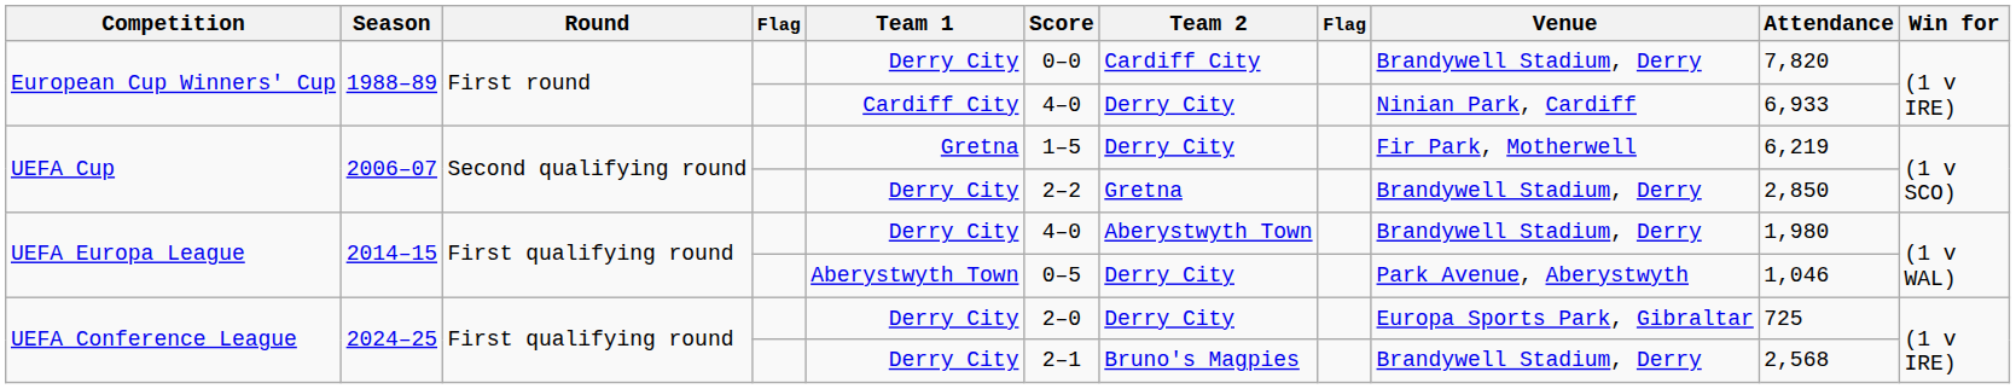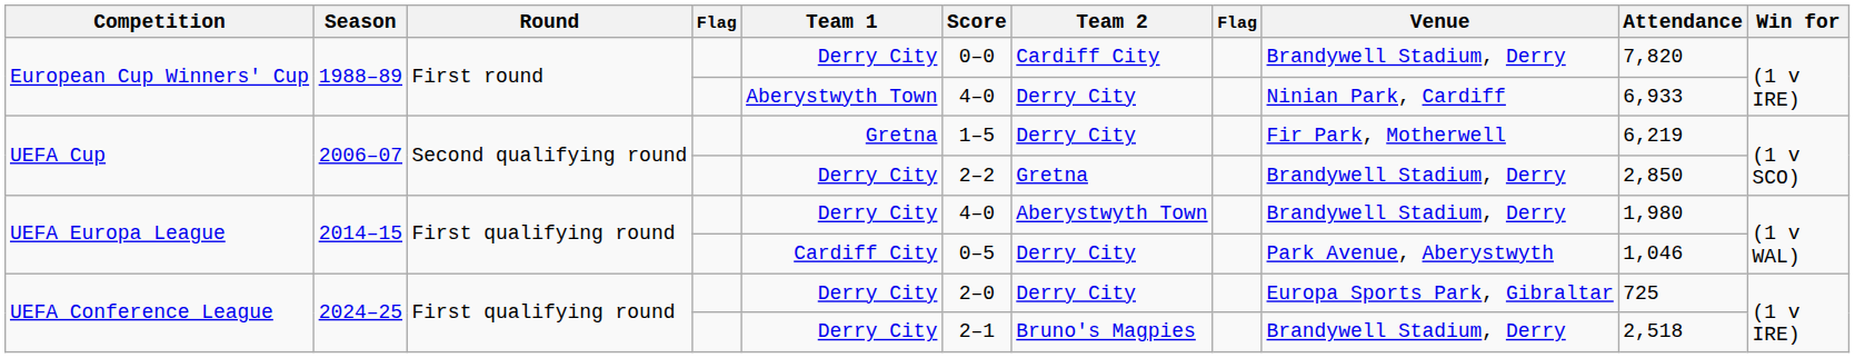 <table class="wikitable sortable">
 <tr>
 <th>Competition</th>
 <th>Season</th>
 <th>Round</th>
 <th align=center><small>Flag</small></th>
 <th>Team 1</th>
 <th>Score</th>
 <th>Team 2</th>
 <th align=center><small>Flag</small></th>
 <th>Venue</th>
 <th>Attendance</th>
 <th width=60>Win for</th>
 </tr>
 <tr>
 <td rowspan=2><a href='#'>European Cup Winners' Cup</a></td>
 <td rowspan=2><a href='#'>1988–89</a></td>
 <td rowspan=2>First round</td>
 <td align=center></td>
 <td align=right><a href='#'>Derry City</a></td>
 <td style="text-align:center;">0–0</td>
 <td><a href='#'>Cardiff City</a></td>
 <td align=center></td>
 <td><a href='#'>Brandywell Stadium</a>, <a href='#'>Derry</a></td>
 <td align=left>7,820</td>
 <td rowspan=2><br>(1 v IRE)</td>
 </tr>
 <tr>
 <td align=center></td>
-<td align=right><a href='#'>Cardiff City</a></td>
+<td align=right><a href='#'>Aberystwyth Town</a></td>
 <td style="text-align:center;">4–0</td>
 <td><a href='#'>Derry City</a></td>
 <td align=center></td>
 <td><a href='#'>Ninian Park</a>, <a href='#'>Cardiff</a></td>
 <td align=left>6,933</td>
 </tr>
 <tr>
 <td rowspan=2><a href='#'>UEFA Cup</a></td>
 <td rowspan=2><a href='#'>2006–07</a></td>
 <td rowspan=2>Second qualifying round</td>
 <td align=center></td>
 <td align=right><a href='#'>Gretna</a></td>
 <td style="text-align:center;">1–5</td>
 <td><a href='#'>Derry City</a></td>
 <td align=center></td>
 <td><a href='#'>Fir Park</a>, <a href='#'>Motherwell</a></td>
 <td>6,219</td>
 <td rowspan=2><br>(1 v SCO)</td>
 </tr>
 <tr>
 <td align=center></td>
 <td align=right><a href='#'>Derry City</a></td>
 <td style="text-align:center;">2–2</td>
 <td><a href='#'>Gretna</a></td>
 <td align=center></td>
 <td><a href='#'>Brandywell Stadium</a>, <a href='#'>Derry</a></td>
 <td>2,850</td>
 </tr>
 <tr>
 <td rowspan=2><a href='#'>UEFA Europa League</a></td>
 <td rowspan=2><a href='#'>2014–15</a></td>
 <td rowspan=2>First qualifying round</td>
 <td align=center></td>
 <td align=right><a href='#'>Derry City</a></td>
 <td style="text-align:center;">4–0</td>
 <td><a href='#'>Aberystwyth Town</a></td>
 <td align=center></td>
 <td><a href='#'>Brandywell Stadium</a>, <a href='#'>Derry</a></td>
 <td align=left>1,980</td>
 <td rowspan=2><br>(1 v WAL)</td>
 </tr>
 <tr>
 <td align=center></td>
-<td align=right><a href='#'>Aberystwyth Town</a></td>
+<td align=right><a href='#'>Cardiff City</a></td>
 <td style="text-align:center;">0–5</td>
 <td><a href='#'>Derry City</a></td>
 <td align=center></td>
 <td><a href='#'>Park Avenue</a>, <a href='#'>Aberystwyth</a></td>
 <td align=left>1,046</td>
 </tr>
 <tr>
 <td rowspan=2><a href='#'>UEFA Conference League</a></td>
 <td rowspan=2><a href='#'>2024–25</a></td>
 <td rowspan=2>First qualifying round</td>
 <td align=center></td>
 <td align=right><a href='#'>Derry City</a></td>
 <td style="text-align:center;">2–0</td>
 <td><a href='#'>Derry City</a></td>
 <td align=center></td>
 <td><a href='#'>Europa Sports Park</a>, <a href='#'>Gibraltar</a></td>
 <td align=left>725</td>
 <td rowspan=2><br>(1 v IRE)</td>
 </tr>
 <tr>
 <td align=center></td>
 <td align=right><a href='#'>Derry City</a></td>
 <td style="text-align:center;">2–1 </td>
 <td><a href='#'>Bruno's Magpies</a></td>
 <td align=center></td>
 <td><a href='#'>Brandywell Stadium</a>, <a href='#'>Derry</a></td>
-<td align=left>2,568</td>
+<td align=left>2,518</td>
 </tr>
 </table>
